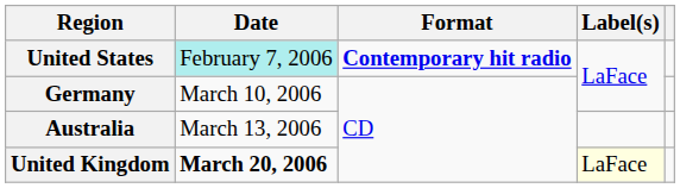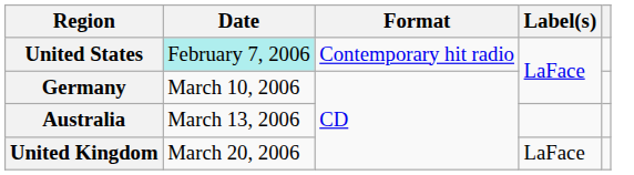 <table class="wikitable plainrowheaders">
 <tr>
 <th scope="col">Region</th>
 <th scope="col">Date</th>
 <th scope="col">Format</th>
 <th scope="col">Label(s)</th>
 <th scope="col"></th>
 </tr>
 <tr>
 <th scope="row">United States</th>
 <td style="background: paleturquoise;">February 7, 2006</td>
-<td><strong><a href='#'>Contemporary hit radio</a></strong></td>
+<td><a href='#'>Contemporary hit radio</a></td>
 <td rowspan="2"><a href='#'>LaFace</a></td>
 <td align="center"></td>
 </tr>
 <tr>
 <th scope="row">Germany</th>
 <td>March 10, 2006</td>
 <td rowspan="3"><a href='#'>CD</a></td>
 <td align="center"></td>
 </tr>
 <tr>
 <th scope="row">Australia</th>
 <td>March 13, 2006</td>
 <td></td>
 <td align="center"></td>
 </tr>
 <tr>
 <th scope="row">United Kingdom</th>
-<td><strong>March 20, 2006</strong></td>
-<td style="background: lightyellow;">LaFace</td>
+<td>March 20, 2006</td>
+<td>LaFace</td>
 <td align="center"></td>
 </tr>
 </table>
